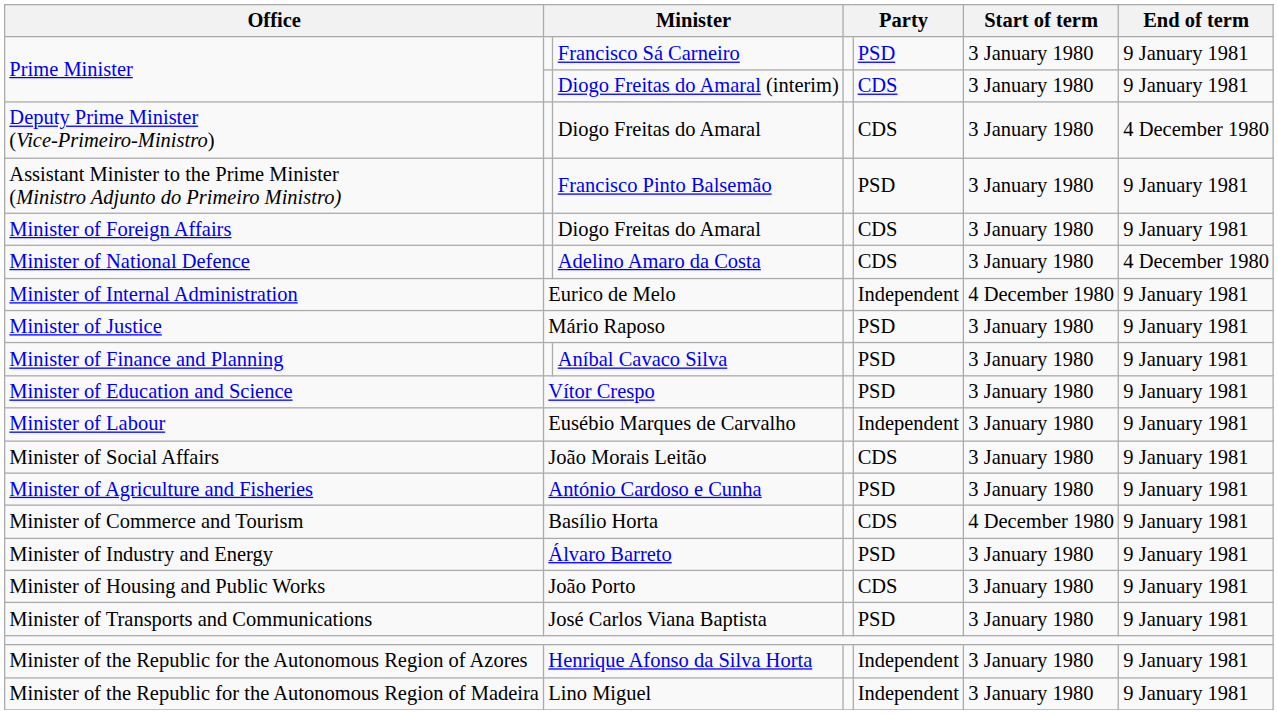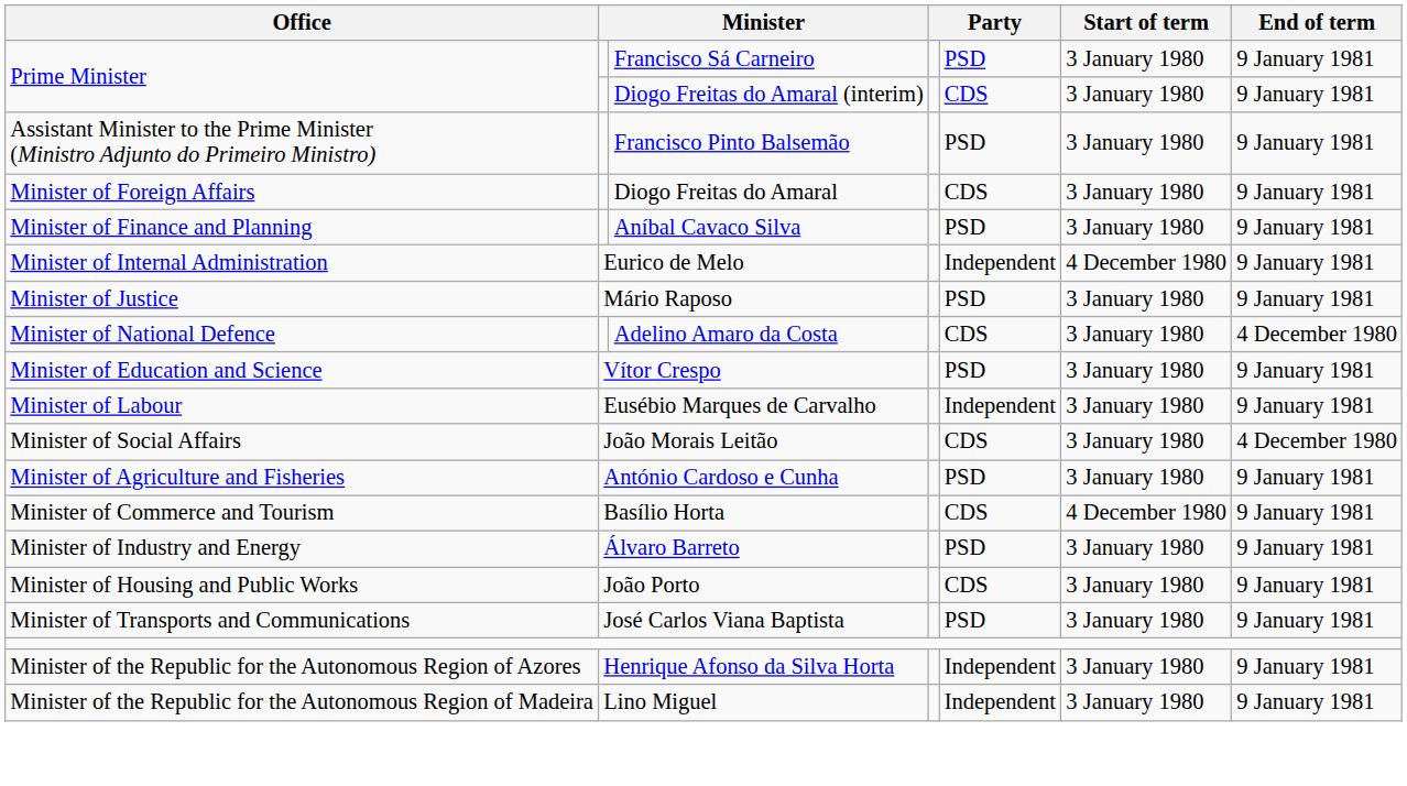 <table class="wikitable">
 <tr>
 <th>Office</th>
 <th colspan="2">Minister</th>
 <th colspan="2">Party</th>
 <th>Start of term</th>
 <th>End of term</th>
 </tr>
 <tr>
 <td rowspan="2"><a href='#'>Prime Minister</a></td>
 <td></td>
 <td><a href='#'>Francisco Sá Carneiro</a></td>
 <td style="background:"></td>
 <td><a href='#'>PSD</a></td>
 <td>3 January 1980</td>
 <td>9 January 1981</td>
 </tr>
 <tr>
 <td></td>
 <td><a href='#'>Diogo Freitas do Amaral</a> (interim)</td>
 <td style="background:"></td>
 <td><a href='#'>CDS</a></td>
 <td>3 January 1980</td>
 <td>9 January 1981</td>
 </tr>
 <tr>
-<td><a href='#'>Deputy Prime Minister</a><br>(<em>Vice-Primeiro-Ministro</em>)</td>
-<td></td>
-<td>Diogo Freitas do Amaral</td>
-<td style="background:"></td>
-<td>CDS</td>
-<td>3 January 1980</td>
-<td>4 December 1980</td>
-</tr>
-<tr>
 <td>Assistant Minister to the Prime Minister<br>(<em>Ministro Adjunto do Primeiro Ministro)</em></td>
 <td></td>
 <td><a href='#'>Francisco Pinto Balsemão</a></td>
 <td style="background:"></td>
 <td>PSD</td>
 <td>3 January 1980</td>
 <td>9 January 1981</td>
 </tr>
 <tr>
 <td><a href='#'>Minister of Foreign Affairs</a></td>
 <td></td>
 <td>Diogo Freitas do Amaral</td>
 <td style="background:"></td>
 <td>CDS</td>
 <td>3 January 1980</td>
 <td>9 January 1981</td>
 </tr>
 <tr>
-<td><a href='#'>Minister of National Defence</a></td>
+<td><a href='#'>Minister of Finance and Planning</a></td>
 <td></td>
-<td><a href='#'>Adelino Amaro da Costa</a></td>
+<td><a href='#'>Aníbal Cavaco Silva</a></td>
 <td style="background:"></td>
-<td>CDS</td>
+<td>PSD</td>
 <td>3 January 1980</td>
-<td>4 December 1980</td>
+<td>9 January 1981</td>
 </tr>
 <tr>
 <td><a href='#'>Minister of Internal Administration</a></td>
 <td colspan="2">Eurico de Melo</td>
 <td style="background:"></td>
 <td>Independent</td>
 <td>4 December 1980</td>
 <td>9 January 1981</td>
 </tr>
 <tr>
 <td><a href='#'>Minister of Justice</a></td>
 <td colspan="2">Mário Raposo</td>
 <td style="background:"></td>
 <td>PSD</td>
 <td>3 January 1980</td>
 <td>9 January 1981</td>
 </tr>
 <tr>
-<td><a href='#'>Minister of Finance and Planning</a></td>
+<td><a href='#'>Minister of National Defence</a></td>
 <td></td>
-<td><a href='#'>Aníbal Cavaco Silva</a></td>
+<td><a href='#'>Adelino Amaro da Costa</a></td>
 <td style="background:"></td>
-<td>PSD</td>
+<td>CDS</td>
 <td>3 January 1980</td>
-<td>9 January 1981</td>
+<td>4 December 1980</td>
 </tr>
 <tr>
 <td><a href='#'>Minister of Education and Science</a></td>
 <td colspan="2"><a href='#'>Vítor Crespo</a></td>
 <td style="background:"></td>
 <td>PSD</td>
 <td>3 January 1980</td>
 <td>9 January 1981</td>
 </tr>
 <tr>
 <td><a href='#'>Minister of Labour</a></td>
 <td colspan="2">Eusébio Marques de Carvalho</td>
 <td style="background:"></td>
 <td>Independent</td>
 <td>3 January 1980</td>
 <td>9 January 1981</td>
 </tr>
 <tr>
 <td>Minister of Social Affairs</td>
 <td colspan="2">João Morais Leitão</td>
 <td style="background:"></td>
 <td>CDS</td>
 <td>3 January 1980</td>
-<td>9 January 1981</td>
+<td>4 December 1980</td>
 </tr>
 <tr>
 <td><a href='#'>Minister of Agriculture and Fisheries</a></td>
 <td colspan="2"><a href='#'>António Cardoso e Cunha</a></td>
 <td style="background:"></td>
 <td>PSD</td>
 <td>3 January 1980</td>
 <td>9 January 1981</td>
 </tr>
 <tr>
 <td>Minister of Commerce and Tourism</td>
 <td colspan="2">Basílio Horta</td>
 <td style="background:"></td>
 <td>CDS</td>
 <td>4 December 1980</td>
 <td>9 January 1981</td>
 </tr>
 <tr>
 <td>Minister of Industry and Energy</td>
 <td colspan="2"><a href='#'>Álvaro Barreto</a></td>
 <td style="background:"></td>
 <td>PSD</td>
 <td>3 January 1980</td>
 <td>9 January 1981</td>
 </tr>
 <tr>
 <td>Minister of Housing and Public Works</td>
 <td colspan="2">João Porto</td>
 <td style="background:"></td>
 <td>CDS</td>
 <td>3 January 1980</td>
 <td>9 January 1981</td>
 </tr>
 <tr>
 <td>Minister of Transports and Communications</td>
 <td colspan="2">José Carlos Viana Baptista</td>
 <td style="background:"></td>
 <td>PSD</td>
 <td>3 January 1980</td>
 <td>9 January 1981</td>
 </tr>
 <tr>
 <td colspan="7"></td>
 </tr>
 <tr>
 <td>Minister of the Republic for the Autonomous Region of Azores</td>
 <td colspan="2"><a href='#'>Henrique Afonso da Silva Horta</a></td>
 <td style="background:"></td>
 <td>Independent</td>
 <td>3 January 1980</td>
 <td>9 January 1981</td>
 </tr>
 <tr>
 <td>Minister of the Republic for the Autonomous Region of Madeira</td>
 <td colspan="2">Lino Miguel</td>
 <td style="background:"></td>
 <td>Independent</td>
 <td>3 January 1980</td>
 <td>9 January 1981</td>
 </tr>
 </table>
